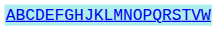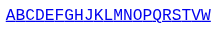 <table id="toc" class="toc" summary="Class">
 <tr>
 <th></th>
 </tr>
 <tr>
-<td style="background: paleturquoise;"><a href='#'>A</a><a href='#'>B</a><a href='#'>C</a><a href='#'>D</a><a href='#'>E</a><a href='#'>F</a><a href='#'>G</a><a href='#'>H</a><a href='#'>J</a><a href='#'>K</a><a href='#'>L</a><a href='#'>M</a><a href='#'>N</a><a href='#'>O</a><a href='#'>P</a><a href='#'>Q</a><a href='#'>R</a><a href='#'>S</a><a href='#'>T</a><a href='#'>V</a><a href='#'>W</a></td>
+<td><a href='#'>A</a><a href='#'>B</a><a href='#'>C</a><a href='#'>D</a><a href='#'>E</a><a href='#'>F</a><a href='#'>G</a><a href='#'>H</a><a href='#'>J</a><a href='#'>K</a><a href='#'>L</a><a href='#'>M</a><a href='#'>N</a><a href='#'>O</a><a href='#'>P</a><a href='#'>Q</a><a href='#'>R</a><a href='#'>S</a><a href='#'>T</a><a href='#'>V</a><a href='#'>W</a></td>
 </tr>
 </table>
